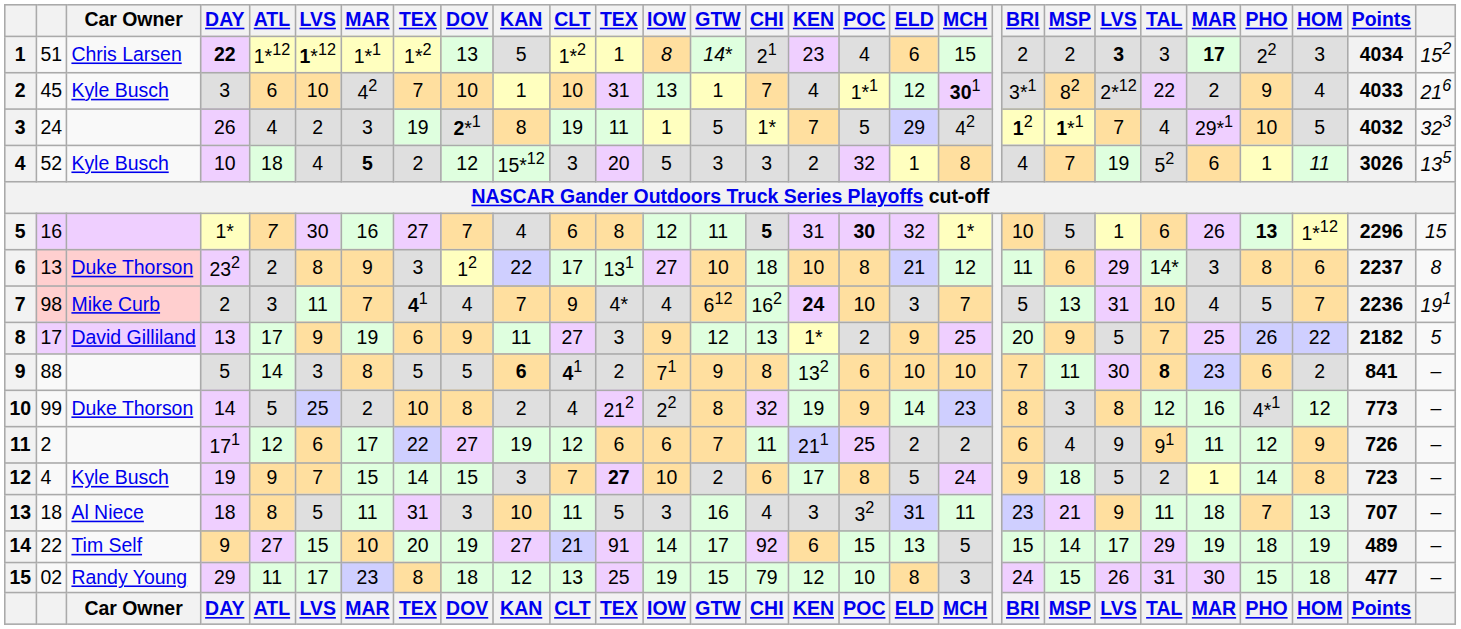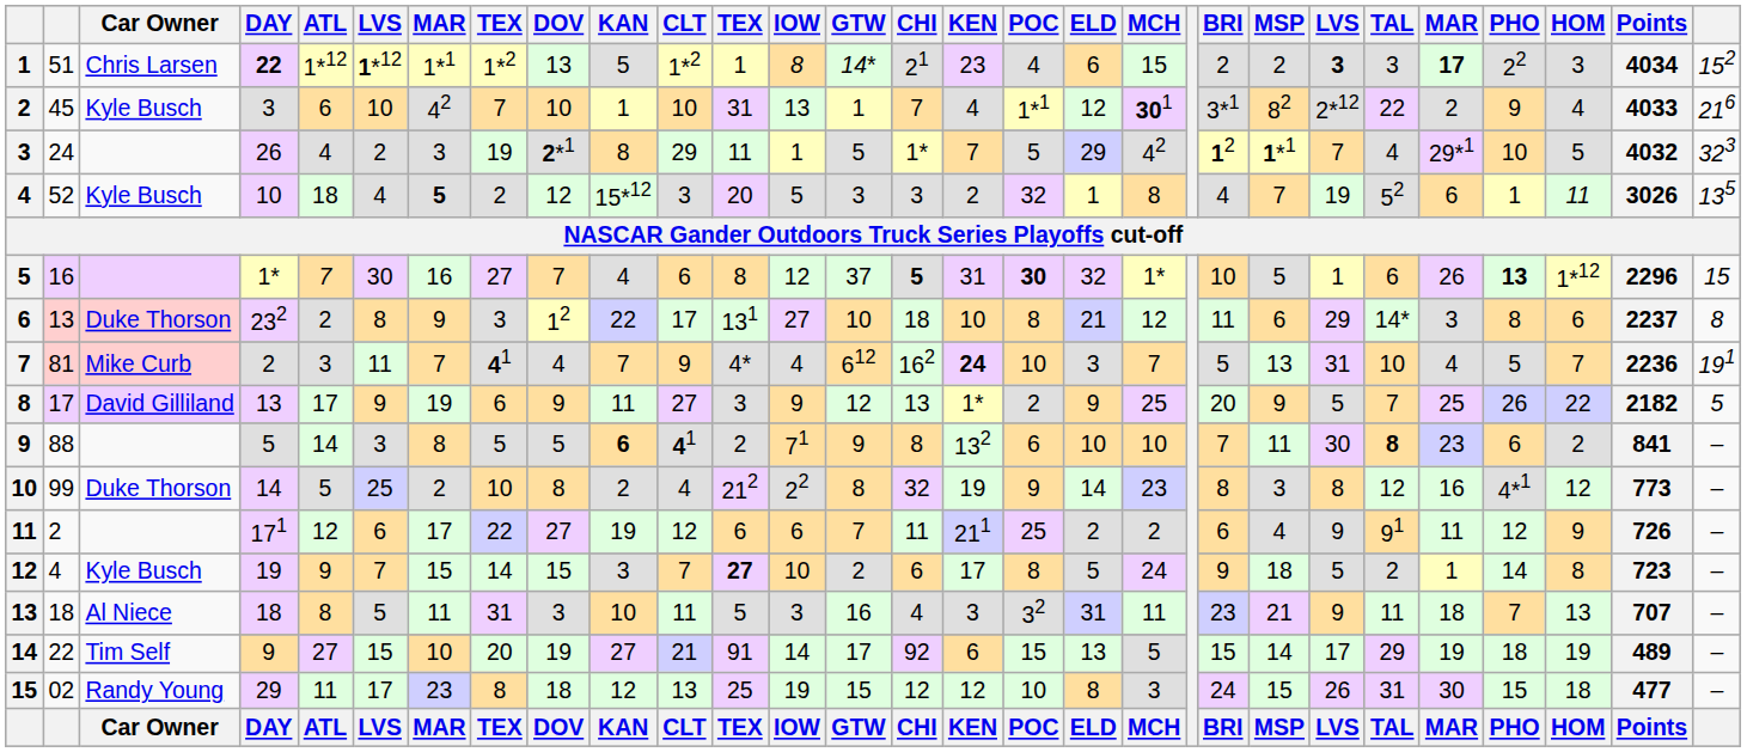 <table class="wikitable" style="font-size:77%; text-align:center;">
 <tr valign="top">
 <th valign="middle"></th>
 <th valign="middle"></th>
 <th valign="middle">Car Owner</th>
 <th><a href='#'>DAY</a></th>
 <th><a href='#'>ATL</a></th>
 <th><a href='#'>LVS</a></th>
 <th><a href='#'>MAR</a></th>
 <th><a href='#'>TEX</a></th>
 <th><a href='#'>DOV</a></th>
 <th><a href='#'>KAN</a></th>
 <th><a href='#'>CLT</a></th>
 <th><a href='#'>TEX</a></th>
 <th><a href='#'>IOW</a></th>
 <th><a href='#'>GTW</a></th>
 <th><a href='#'>CHI</a></th>
 <th><a href='#'>KEN</a></th>
 <th><a href='#'>POC</a></th>
 <th><a href='#'>ELD</a></th>
 <th><a href='#'>MCH</a></th>
 <th rowspan=5></th>
 <th><a href='#'>BRI</a></th>
 <th><a href='#'>MSP</a></th>
 <th><a href='#'>LVS</a></th>
 <th><a href='#'>TAL</a></th>
 <th><a href='#'>MAR</a></th>
 <th><a href='#'>PHO</a></th>
 <th><a href='#'>HOM</a></th>
 <th valign="middle"><a href='#'>Points</a></th>
 <th valign="middle"></th>
 </tr>
 <tr>
 <th>1</th>
 <td align="left">51</td>
 <td align="left"><a href='#'>Chris Larsen</a></td>
 <td style="background:#efcfff"><strong>22</strong></td>
 <td style="background:#ffffbf">1*<sup>12</sup></td>
 <td style="background:#ffffbf"><strong>1</strong>*<sup>12</sup></td>
 <td style="background:#ffffbf">1*<sup>1</sup></td>
 <td style="background:#ffffbf">1*<sup>2</sup></td>
 <td style="background:#dfffdf">13</td>
 <td style="background:#dfdfdf">5</td>
 <td style="background:#ffffbf">1*<sup>2</sup></td>
 <td style="background:#ffffbf">1</td>
 <td style="background:#ffdf9f"><em>8</em></td>
 <td style="background:#dfffdf"><em>14</em>*</td>
 <td style="background:#dfdfdf">2<sup>1</sup></td>
 <td style="background:#efcfff">23</td>
 <td style="background:#dfdfdf">4</td>
 <td style="background:#ffdf9f">6</td>
 <td style="background:#dfffdf">15</td>
 <td style="background:#dfdfdf">2</td>
 <td style="background:#dfdfdf">2</td>
 <td style="background:#dfdfdf"><strong>3</strong></td>
 <td style="background:#dfdfdf">3</td>
 <td style="background:#dfffdf"><strong>17</strong></td>
 <td style="background:#dfdfdf">2<sup>2</sup></td>
 <td style="background:#dfdfdf">3</td>
 <th>4034</th>
 <td><em>15<sup>2</sup></em></td>
 </tr>
 <tr>
 <th>2</th>
 <td align="left">45</td>
 <td align="left"><a href='#'>Kyle Busch</a></td>
 <td style="background:#dfdfdf">3</td>
 <td style="background:#ffdf9f">6</td>
 <td style="background:#ffdf9f">10</td>
 <td style="background:#dfdfdf">4<sup>2</sup></td>
 <td style="background:#ffdf9f">7</td>
 <td style="background:#ffdf9f">10</td>
 <td style="background:#ffffbf">1</td>
 <td style="background:#ffdf9f">10</td>
 <td style="background:#efcfff">31</td>
 <td style="background:#dfffdf">13</td>
 <td style="background:#ffffbf">1</td>
 <td style="background:#ffdf9f">7</td>
 <td style="background:#dfdfdf">4</td>
 <td style="background:#ffffbf">1*<sup>1</sup></td>
 <td style="background:#dfffdf">12</td>
 <td style="background:#efcfff"><strong>30</strong><sup>1</sup></td>
 <td style="background:#dfdfdf">3*<sup>1</sup></td>
 <td style="background:#ffdf9f">8<sup>2</sup></td>
 <td style="background:#dfdfdf">2*<sup>12</sup></td>
 <td style="background:#efcfff">22</td>
 <td style="background:#dfdfdf">2</td>
 <td style="background:#ffdf9f">9</td>
 <td style="background:#dfdfdf">4</td>
 <th>4033</th>
 <td><em>21<sup>6</sup></em></td>
 </tr>
 <tr>
 <th>3</th>
 <td align="left">24</td>
 <td align="left"></td>
 <td style="background:#efcfff">26</td>
 <td style="background:#dfdfdf">4</td>
 <td style="background:#dfdfdf">2</td>
 <td style="background:#dfdfdf">3</td>
 <td style="background:#dfffdf">19</td>
 <td style="background:#dfdfdf"><strong>2</strong>*<sup>1</sup></td>
 <td style="background:#ffdf9f">8</td>
-<td style="background:#dfffdf">19</td>
+<td style="background:#dfffdf">29</td>
 <td style="background:#dfffdf">11</td>
 <td style="background:#ffffbf">1</td>
 <td style="background:#dfdfdf">5</td>
 <td style="background:#ffffbf">1*</td>
 <td style="background:#ffdf9f">7</td>
 <td style="background:#dfdfdf">5</td>
 <td style="background:#cfcfff">29</td>
 <td style="background:#dfdfdf">4<sup>2</sup></td>
 <td style="background:#ffffbf"><strong>1</strong><sup>2</sup></td>
 <td style="background:#ffffbf"><strong>1</strong>*<sup>1</sup></td>
 <td style="background:#ffdf9f">7</td>
 <td style="background:#dfdfdf">4</td>
 <td style="background:#efcfff">29*<sup>1</sup></td>
 <td style="background:#ffdf9f">10</td>
 <td style="background:#dfdfdf">5</td>
 <th>4032</th>
 <td><em>32<sup>3</sup></em></td>
 </tr>
 <tr>
 <th>4</th>
 <td align="left">52</td>
 <td align="left"><a href='#'>Kyle Busch</a></td>
 <td style="background:#efcfff">10</td>
 <td style="background:#dfffdf">18</td>
 <td style="background:#dfdfdf">4</td>
 <td style="background:#dfdfdf"><strong>5</strong></td>
 <td style="background:#dfdfdf">2</td>
 <td style="background:#dfffdf">12</td>
 <td style="background:#dfffdf">15*<sup>12</sup></td>
 <td style="background:#dfdfdf">3</td>
 <td style="background:#efcfff">20</td>
 <td style="background:#dfdfdf">5</td>
 <td style="background:#dfdfdf">3</td>
 <td style="background:#dfdfdf">3</td>
 <td style="background:#dfdfdf">2</td>
 <td style="background:#efcfff">32</td>
 <td style="background:#ffffbf">1</td>
 <td style="background:#ffdf9f">8</td>
 <td style="background:#dfdfdf">4</td>
 <td style="background:#ffdf9f">7</td>
 <td style="background:#dfffdf">19</td>
 <td style="background:#dfdfdf">5<sup>2</sup></td>
 <td style="background:#ffdf9f">6</td>
 <td style="background:#ffffbf">1</td>
 <td style="background:#dfffdf"><em>11</em></td>
 <th>3026</th>
 <td><em>13<sup>5</sup></em></td>
 </tr>
 <tr>
 <th colspan="36"><a href='#'>NASCAR Gander Outdoors Truck Series Playoffs</a> cut-off</th>
 </tr>
 <tr>
 <th>5</th>
 <td style="background:#efcfff" align="left">16</td>
 <td style="background:#efcfff" align="left"></td>
 <td style="background:#ffffbf">1*</td>
 <td style="background:#ffdf9f"><em>7</em></td>
 <td style="background:#efcfff">30</td>
 <td style="background:#dfffdf">16</td>
 <td style="background:#efcfff">27</td>
 <td style="background:#ffdf9f">7</td>
 <td style="background:#dfdfdf">4</td>
 <td style="background:#ffdf9f">6</td>
 <td style="background:#ffdf9f">8</td>
 <td style="background:#dfffdf">12</td>
-<td style="background:#dfffdf">11</td>
+<td style="background:#dfffdf">37</td>
 <td style="background:#dfdfdf"><strong>5</strong></td>
 <td style="background:#efcfff">31</td>
 <td style="background:#efcfff"><strong>30</strong></td>
 <td style="background:#efcfff">32</td>
 <td style="background:#ffffbf">1*</td>
 <th rowspan=12></th>
 <td style="background:#ffdf9f">10</td>
 <td style="background:#dfdfdf">5</td>
 <td style="background:#ffffbf">1</td>
 <td style="background:#ffdf9f">6</td>
 <td style="background:#efcfff">26</td>
 <td style="background:#dfffdf"><strong>13</strong></td>
 <td style="background:#ffffbf">1*<sup>12</sup></td>
 <th>2296</th>
 <td><em>15</em></td>
 </tr>
 <tr>
 <th>6</th>
 <td style="background:#ffcfcf" align="left">13</td>
 <td style="background:#ffcfcf" align="left"><a href='#'>Duke Thorson</a></td>
 <td style="background:#efcfff">23<sup>2</sup></td>
 <td style="background:#dfdfdf">2</td>
 <td style="background:#ffdf9f">8</td>
 <td style="background:#ffdf9f">9</td>
 <td style="background:#dfdfdf">3</td>
 <td style="background:#ffffbf">1<sup>2</sup></td>
 <td style="background:#cfcfff">22</td>
 <td style="background:#dfffdf">17</td>
 <td style="background:#dfffdf">13<sup>1</sup></td>
 <td style="background:#efcfff">27</td>
 <td style="background:#ffdf9f">10</td>
 <td style="background:#dfffdf">18</td>
 <td style="background:#ffdf9f">10</td>
 <td style="background:#ffdf9f">8</td>
 <td style="background:#cfcfff">21</td>
 <td style="background:#dfffdf">12</td>
 <td style="background:#dfffdf">11</td>
 <td style="background:#ffdf9f">6</td>
 <td style="background:#efcfff">29</td>
 <td style="background:#dfffdf">14*</td>
 <td style="background:#dfdfdf">3</td>
 <td style="background:#ffdf9f">8</td>
 <td style="background:#ffdf9f">6</td>
 <th>2237</th>
 <td><em>8</em></td>
 </tr>
 <tr>
 <th>7</th>
-<td style="background:#ffcfcf" align="left">98</td>
+<td style="background:#ffcfcf" align="left">81</td>
 <td style="background:#ffcfcf" align="left"><a href='#'>Mike Curb</a></td>
 <td style="background:#dfdfdf">2</td>
 <td style="background:#dfdfdf">3</td>
 <td style="background:#dfffdf">11</td>
 <td style="background:#ffdf9f">7</td>
 <td style="background:#dfdfdf"><strong>4</strong><sup>1</sup></td>
 <td style="background:#dfdfdf">4</td>
 <td style="background:#ffdf9f">7</td>
 <td style="background:#ffdf9f">9</td>
 <td style="background:#dfdfdf">4*</td>
 <td style="background:#dfdfdf">4</td>
 <td style="background:#ffdf9f">6<sup>12</sup></td>
 <td style="background:#dfffdf">16<sup>2</sup></td>
 <td style="background:#efcfff"><strong>24</strong></td>
 <td style="background:#ffdf9f">10</td>
 <td style="background:#dfdfdf">3</td>
 <td style="background:#ffdf9f">7</td>
 <td style="background:#dfdfdf">5</td>
 <td style="background:#dfffdf">13</td>
 <td style="background:#efcfff">31</td>
 <td style="background:#ffdf9f">10</td>
 <td style="background:#dfdfdf">4</td>
 <td style="background:#dfdfdf">5</td>
 <td style="background:#ffdf9f">7</td>
 <th>2236</th>
 <td><em>19<sup>1</sup></em></td>
 </tr>
 <tr>
 <th>8</th>
 <td style="background:#efcfff" align="left">17</td>
 <td style="background:#efcfff" align="left"><a href='#'>David Gilliland</a></td>
 <td style="background:#efcfff">13</td>
 <td style="background:#dfffdf">17</td>
 <td style="background:#ffdf9f">9</td>
 <td style="background:#dfffdf">19</td>
 <td style="background:#ffdf9f">6</td>
 <td style="background:#ffdf9f">9</td>
 <td style="background:#dfffdf">11</td>
 <td style="background:#efcfff">27</td>
 <td style="background:#dfdfdf">3</td>
 <td style="background:#ffdf9f">9</td>
 <td style="background:#dfffdf">12</td>
 <td style="background:#dfffdf">13</td>
 <td style="background:#ffffbf">1*</td>
 <td style="background:#dfdfdf">2</td>
 <td style="background:#ffdf9f">9</td>
 <td style="background:#efcfff">25</td>
 <td style="background:#dfffdf">20</td>
 <td style="background:#ffdf9f">9</td>
 <td style="background:#dfdfdf">5</td>
 <td style="background:#ffdf9f">7</td>
 <td style="background:#efcfff">25</td>
 <td style="background:#cfcfff">26</td>
 <td style="background:#cfcfff">22</td>
 <th>2182</th>
 <td><em>5</em></td>
 </tr>
 <tr>
 <th>9</th>
 <td align="left">88</td>
 <td align="left"></td>
 <td style="background:#dfdfdf">5</td>
 <td style="background:#dfffdf">14</td>
 <td style="background:#dfdfdf">3</td>
 <td style="background:#ffdf9f">8</td>
 <td style="background:#dfdfdf">5</td>
 <td style="background:#dfdfdf">5</td>
 <td style="background:#ffdf9f"><strong>6</strong></td>
 <td style="background:#dfdfdf"><strong>4</strong><sup>1</sup></td>
 <td style="background:#dfdfdf">2</td>
 <td style="background:#ffdf9f">7<sup>1</sup></td>
 <td style="background:#ffdf9f">9</td>
 <td style="background:#ffdf9f">8</td>
 <td style="background:#dfffdf">13<sup>2</sup></td>
 <td style="background:#ffdf9f">6</td>
 <td style="background:#ffdf9f">10</td>
 <td style="background:#ffdf9f">10</td>
 <td style="background:#ffdf9f">7</td>
 <td style="background:#dfffdf">11</td>
 <td style="background:#efcfff">30</td>
 <td style="background:#ffdf9f"><strong>8</strong></td>
 <td style="background:#cfcfff">23</td>
 <td style="background:#ffdf9f">6</td>
 <td style="background:#dfdfdf">2</td>
 <th>841</th>
 <td><em>–</em></td>
 </tr>
 <tr>
 <th>10</th>
 <td align="left">99</td>
 <td align="left"><a href='#'>Duke Thorson</a></td>
 <td style="background:#efcfff">14</td>
 <td style="background:#dfdfdf">5</td>
 <td style="background:#cfcfff">25</td>
 <td style="background:#dfdfdf">2</td>
 <td style="background:#ffdf9f">10</td>
 <td style="background:#ffdf9f">8</td>
 <td style="background:#dfdfdf">2</td>
 <td style="background:#dfdfdf">4</td>
 <td style="background:#efcfff">21<sup>2</sup></td>
 <td style="background:#dfdfdf">2<sup>2</sup></td>
 <td style="background:#ffdf9f">8</td>
 <td style="background:#efcfff">32</td>
 <td style="background:#dfffdf">19</td>
 <td style="background:#ffdf9f">9</td>
 <td style="background:#dfffdf">14</td>
 <td style="background:#cfcfff">23</td>
 <td style="background:#ffdf9f">8</td>
 <td style="background:#dfdfdf">3</td>
 <td style="background:#ffdf9f">8</td>
 <td style="background:#dfffdf">12</td>
 <td style="background:#dfffdf">16</td>
 <td style="background:#dfdfdf">4*<sup>1</sup></td>
 <td style="background:#dfffdf">12</td>
 <th>773</th>
 <td><em>–</em></td>
 </tr>
 <tr>
 <th>11</th>
 <td align="left">2</td>
 <td align="left"></td>
 <td style="background:#efcfff">17<sup>1</sup></td>
 <td style="background:#dfffdf">12</td>
 <td style="background:#ffdf9f">6</td>
 <td style="background:#dfffdf">17</td>
 <td style="background:#cfcfff">22</td>
 <td style="background:#efcfff">27</td>
 <td style="background:#dfffdf">19</td>
 <td style="background:#dfffdf">12</td>
 <td style="background:#ffdf9f">6</td>
 <td style="background:#ffdf9f">6</td>
 <td style="background:#ffdf9f">7</td>
 <td style="background:#dfffdf">11</td>
 <td style="background:#cfcfff">21<sup>1</sup></td>
 <td style="background:#efcfff">25</td>
 <td style="background:#dfdfdf">2</td>
 <td style="background:#dfdfdf">2</td>
 <td style="background:#ffdf9f">6</td>
 <td style="background:#dfdfdf">4</td>
 <td style="background:#dfdfdf">9</td>
 <td style="background:#ffdf9f">9<sup>1</sup></td>
 <td style="background:#dfffdf">11</td>
 <td style="background:#dfffdf">12</td>
 <td style="background:#ffdf9f">9</td>
 <th>726</th>
 <td><em>–</em></td>
 </tr>
 <tr>
 <th>12</th>
 <td align="left">4</td>
 <td align="left"><a href='#'>Kyle Busch</a></td>
 <td style="background:#efcfff">19</td>
 <td style="background:#ffdf9f">9</td>
 <td style="background:#ffdf9f">7</td>
 <td style="background:#dfffdf">15</td>
 <td style="background:#dfffdf">14</td>
 <td style="background:#dfffdf">15</td>
 <td style="background:#dfdfdf">3</td>
 <td style="background:#ffdf9f">7</td>
 <td style="background:#efcfff"><strong>27</strong></td>
 <td style="background:#ffdf9f">10</td>
 <td style="background:#dfdfdf">2</td>
 <td style="background:#ffdf9f">6</td>
 <td style="background:#dfffdf">17</td>
 <td style="background:#ffdf9f">8</td>
 <td style="background:#dfdfdf">5</td>
 <td style="background:#efcfff">24</td>
 <td style="background:#ffdf9f">9</td>
 <td style="background:#dfffdf">18</td>
 <td style="background:#dfdfdf">5</td>
 <td style="background:#dfdfdf">2</td>
 <td style="background:#ffffbf">1</td>
 <td style="background:#dfffdf">14</td>
 <td style="background:#ffdf9f">8</td>
 <th>723</th>
 <td><em>–</em></td>
 </tr>
 <tr>
 <th>13</th>
 <td align="left">18</td>
 <td align="left"><a href='#'>Al Niece</a></td>
 <td style="background:#efcfff">18</td>
 <td style="background:#ffdf9f">8</td>
 <td style="background:#dfdfdf">5</td>
 <td style="background:#dfffdf">11</td>
 <td style="background:#efcfff">31</td>
 <td style="background:#dfdfdf">3</td>
 <td style="background:#ffdf9f">10</td>
 <td style="background:#dfffdf">11</td>
 <td style="background:#dfdfdf">5</td>
 <td style="background:#dfdfdf">3</td>
 <td style="background:#dfffdf">16</td>
 <td style="background:#dfdfdf">4</td>
 <td style="background:#dfdfdf">3</td>
 <td style="background:#dfdfdf">3<sup>2</sup></td>
 <td style="background:#cfcfff">31</td>
 <td style="background:#dfffdf">11</td>
 <td style="background:#cfcfff">23</td>
 <td style="background:#efcfff">21</td>
 <td style="background:#ffdf9f">9</td>
 <td style="background:#dfffdf">11</td>
 <td style="background:#dfffdf">18</td>
 <td style="background:#ffdf9f">7</td>
 <td style="background:#dfffdf">13</td>
 <th>707</th>
 <td><em>–</em></td>
 </tr>
 <tr>
 <th>14</th>
 <td align="left">22</td>
 <td align="left"><a href='#'>Tim Self</a></td>
 <td style="background:#ffdf9f">9</td>
 <td style="background:#efcfff">27</td>
 <td style="background:#dfffdf">15</td>
 <td style="background:#ffdf9f">10</td>
 <td style="background:#dfffdf">20</td>
 <td style="background:#dfffdf">19</td>
 <td style="background:#efcfff">27</td>
 <td style="background:#cfcfff">21</td>
 <td style="background:#efcfff">91</td>
 <td style="background:#dfffdf">14</td>
 <td style="background:#dfffdf">17</td>
 <td style="background:#efcfff">92</td>
 <td style="background:#ffdf9f">6</td>
 <td style="background:#dfffdf">15</td>
 <td style="background:#dfffdf">13</td>
 <td style="background:#dfdfdf">5</td>
 <td style="background:#dfffdf">15</td>
 <td style="background:#dfffdf">14</td>
 <td style="background:#dfffdf">17</td>
 <td style="background:#efcfff">29</td>
 <td style="background:#dfffdf">19</td>
 <td style="background:#dfffdf">18</td>
 <td style="background:#dfffdf">19</td>
 <th>489</th>
 <td><em>–</em></td>
 </tr>
 <tr>
 <th>15</th>
 <td align="left">02</td>
 <td align="left"><a href='#'>Randy Young</a></td>
 <td style="background:#efcfff">29</td>
 <td style="background:#dfffdf">11</td>
 <td style="background:#dfffdf">17</td>
 <td style="background:#cfcfff">23</td>
 <td style="background:#ffdf9f">8</td>
 <td style="background:#dfffdf">18</td>
 <td style="background:#dfffdf">12</td>
 <td style="background:#dfffdf">13</td>
 <td style="background:#efcfff">25</td>
 <td style="background:#dfffdf">19</td>
 <td style="background:#dfffdf">15</td>
-<td style="background:#dfffdf">79</td>
+<td style="background:#dfffdf">12</td>
 <td style="background:#dfffdf">12</td>
 <td style="background:#dfffdf">10</td>
 <td style="background:#ffdf9f">8</td>
 <td style="background:#dfdfdf">3</td>
 <td style="background:#efcfff">24</td>
 <td style="background:#dfffdf">15</td>
 <td style="background:#efcfff">26</td>
 <td style="background:#efcfff">31</td>
 <td style="background:#efcfff">30</td>
 <td style="background:#dfffdf">15</td>
 <td style="background:#dfffdf">18</td>
 <th>477</th>
 <td><em>–</em></td>
 </tr>
 <tr>
 <th valign="middle"></th>
 <th valign="middle"></th>
 <th valign="middle">Car Owner</th>
 <th><a href='#'>DAY</a></th>
 <th><a href='#'>ATL</a></th>
 <th><a href='#'>LVS</a></th>
 <th><a href='#'>MAR</a></th>
 <th><a href='#'>TEX</a></th>
 <th><a href='#'>DOV</a></th>
 <th><a href='#'>KAN</a></th>
 <th><a href='#'>CLT</a></th>
 <th><a href='#'>TEX</a></th>
 <th><a href='#'>IOW</a></th>
 <th><a href='#'>GTW</a></th>
 <th><a href='#'>CHI</a></th>
 <th><a href='#'>KEN</a></th>
 <th><a href='#'>POC</a></th>
 <th><a href='#'>ELD</a></th>
 <th><a href='#'>MCH</a></th>
 <th><a href='#'>BRI</a></th>
 <th><a href='#'>MSP</a></th>
 <th><a href='#'>LVS</a></th>
 <th><a href='#'>TAL</a></th>
 <th><a href='#'>MAR</a></th>
 <th><a href='#'>PHO</a></th>
 <th><a href='#'>HOM</a></th>
 <th valign="middle"><a href='#'>Points</a></th>
 <th valign="middle"></th>
 </tr>
 </table>
